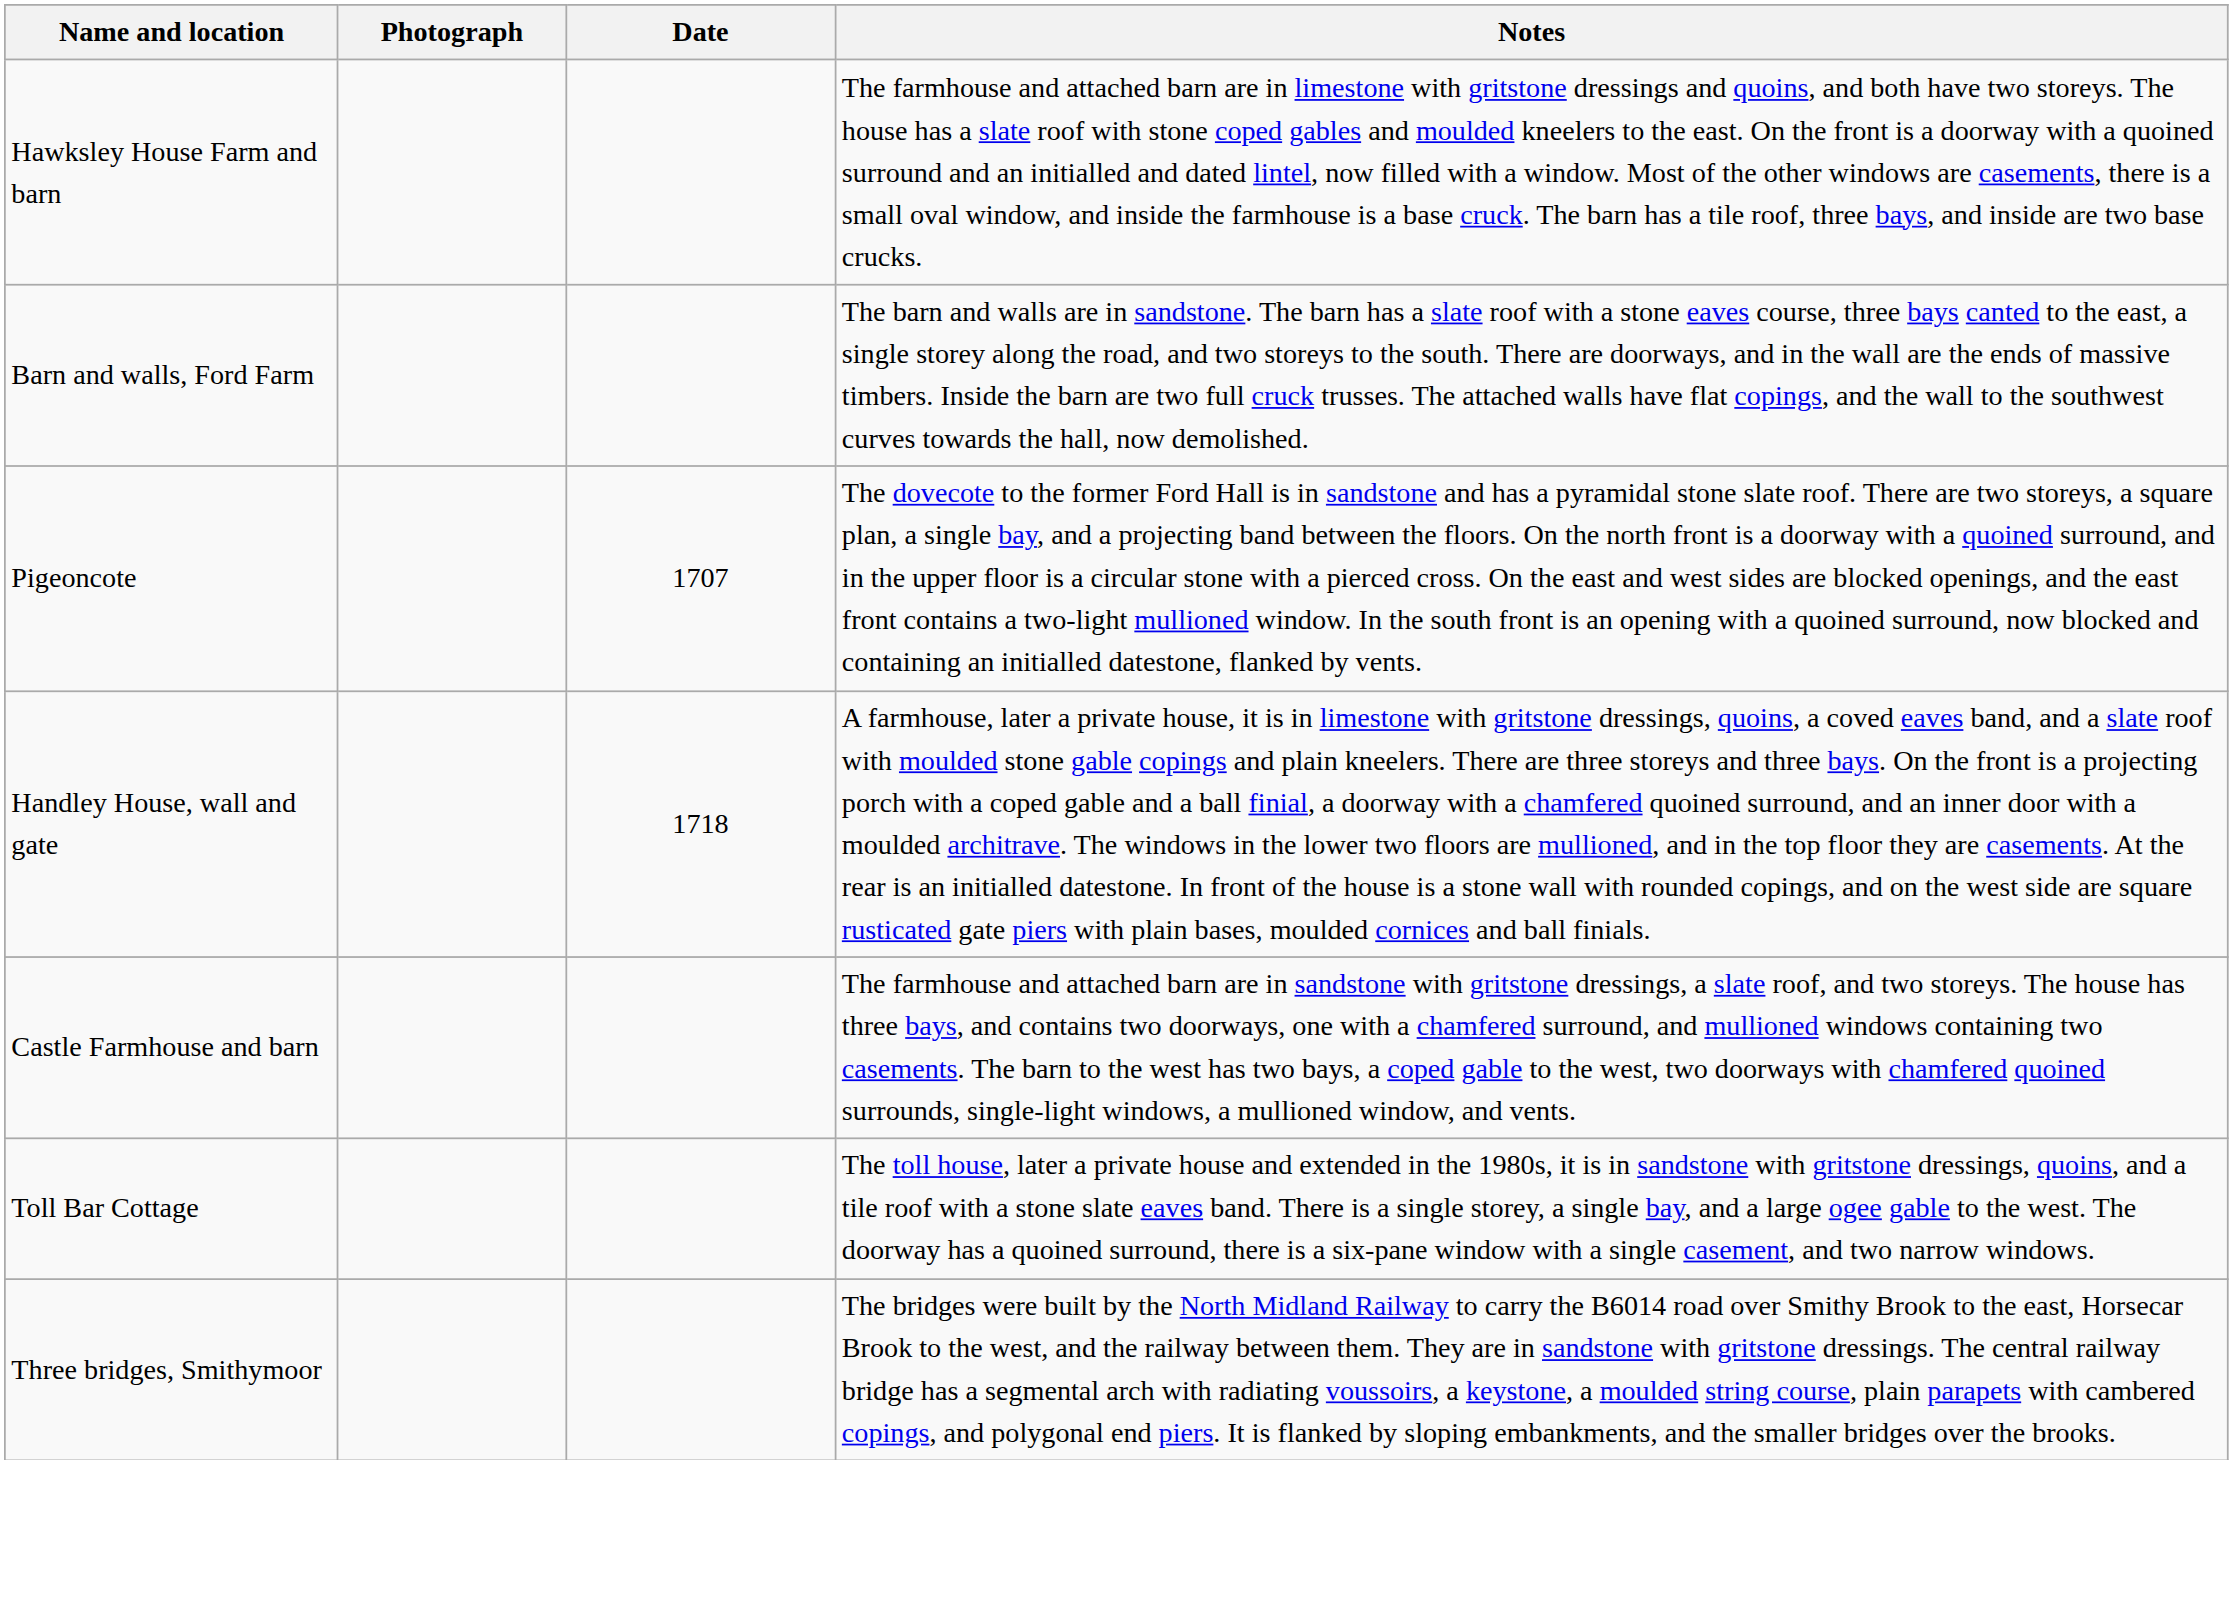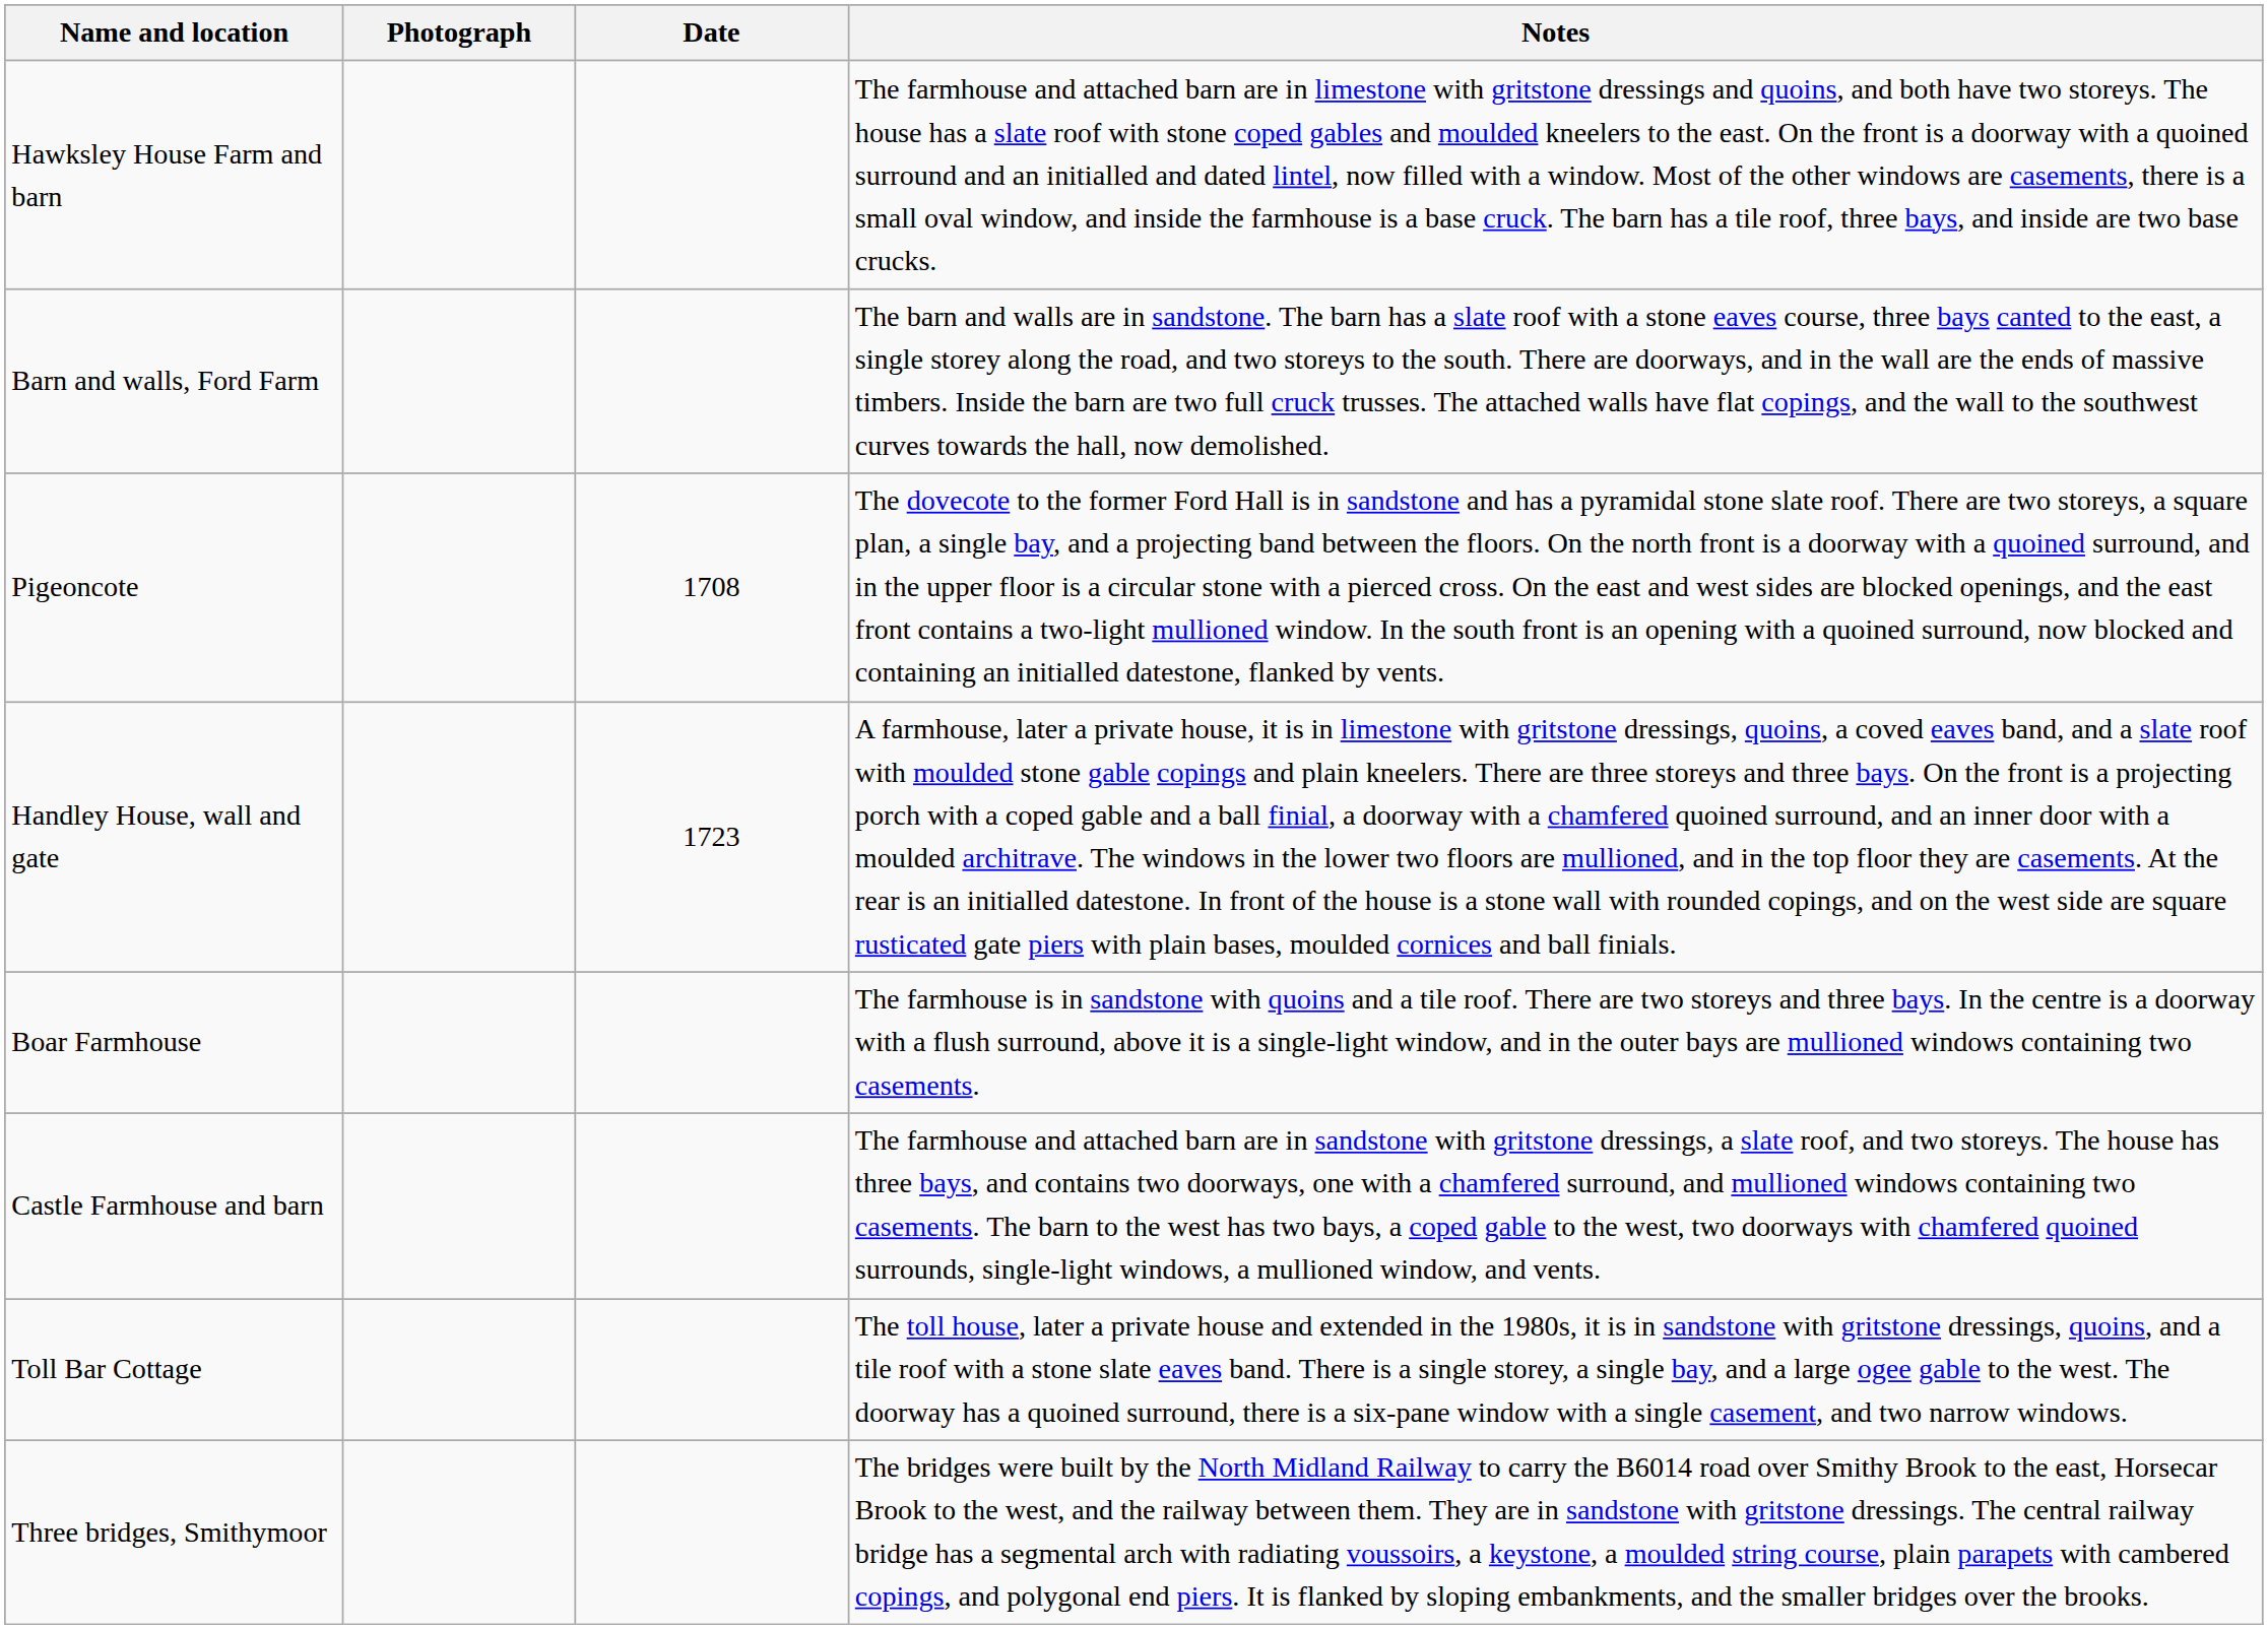 <table class="wikitable sortable plainrowheaders" style="width:100%;border:0px;text-align:left;line-height:150%;">
 <tr>
 <th scope="col"  style="width:150px">Name and location</th>
 <th scope="col"  style="width:100px" class="unsortable">Photograph</th>
 <th scope="col"  style="width:120px">Date</th>
 <th scope="col"  style="width:650px" class="unsortable">Notes</th>
 </tr>
 <tr>
 <td>Hawksley House Farm and barn<br><small></small></td>
 <td></td>
 <td align="center"></td>
 <td>The farmhouse and attached barn are in <a href='#'>limestone</a> with <a href='#'>gritstone</a> dressings and <a href='#'>quoins</a>, and both have two storeys.  The house has a <a href='#'>slate</a> roof with stone <a href='#'>coped</a> <a href='#'>gables</a> and <a href='#'>moulded</a> kneelers to the east.  On the front is a doorway with a quoined surround and an initialled and dated <a href='#'>lintel</a>, now filled with a window.  Most of the other windows are <a href='#'>casements</a>, there is a small oval window, and inside the farmhouse is a base <a href='#'>cruck</a>.  The barn has a tile roof, three <a href='#'>bays</a>, and inside are two base crucks.</td>
 </tr>
 <tr>
 <td>Barn and walls, Ford Farm<br><small></small></td>
 <td></td>
 <td align="center"></td>
 <td>The barn and walls are in <a href='#'>sandstone</a>.  The barn has a <a href='#'>slate</a> roof with a stone <a href='#'>eaves</a> course, three <a href='#'>bays</a> <a href='#'>canted</a> to the east, a single storey along the road, and two storeys to the south.  There are doorways, and in the wall are the ends of massive timbers.  Inside the barn are two full <a href='#'>cruck</a> trusses.  The attached walls have flat <a href='#'>copings</a>, and the wall to the southwest curves towards the hall, now demolished.</td>
 </tr>
 <tr>
 <td>Pigeoncote<br><small></small></td>
 <td></td>
-<td align="center">1707</td>
+<td align="center">1708</td>
 <td>The <a href='#'>dovecote</a> to the former Ford Hall is in <a href='#'>sandstone</a> and has a pyramidal stone slate roof.  There are two storeys, a square plan, a single <a href='#'>bay</a>, and a projecting band between the floors.  On the north front is a doorway with a <a href='#'>quoined</a> surround, and in the upper floor is a circular stone with a pierced cross.  On the east and west sides are blocked openings, and the east front contains a two-light <a href='#'>mullioned</a> window.  In the south front is an opening with a quoined surround, now blocked and containing an initialled datestone, flanked by vents.</td>
 </tr>
 <tr>
 <td>Handley House, wall and gate<br><small></small></td>
 <td></td>
-<td align="center">1718</td>
+<td align="center">1723</td>
 <td>A farmhouse, later a private house, it is in <a href='#'>limestone</a> with <a href='#'>gritstone</a> dressings, <a href='#'>quoins</a>, a coved <a href='#'>eaves</a> band, and a <a href='#'>slate</a> roof with <a href='#'>moulded</a> stone <a href='#'>gable</a> <a href='#'>copings</a> and plain kneelers.  There are three storeys and three <a href='#'>bays</a>.  On the front is a projecting porch with a coped gable and a ball <a href='#'>finial</a>, a doorway with a <a href='#'>chamfered</a> quoined surround, and an inner door with a moulded <a href='#'>architrave</a>.  The windows in the lower two floors are <a href='#'>mullioned</a>, and in the top floor they are <a href='#'>casements</a>.  At the rear is an initialled datestone.  In front of the house is a stone wall with rounded copings, and on the west side are square <a href='#'>rusticated</a> gate <a href='#'>piers</a> with plain bases, moulded <a href='#'>cornices</a> and ball finials.</td>
+</tr>
+<tr>
+<td>Boar Farmhouse<br><small></small></td>
+<td></td>
+<td align="center"></td>
+<td>The farmhouse is in <a href='#'>sandstone</a> with <a href='#'>quoins</a> and a tile roof.  There are two storeys and three <a href='#'>bays</a>.  In the centre is a doorway with a flush surround, above it is a single-light window, and in the outer bays are <a href='#'>mullioned</a> windows containing two <a href='#'>casements</a>.</td>
 </tr>
 <tr>
 <td>Castle Farmhouse and barn<br><small></small></td>
 <td></td>
 <td align="center"></td>
 <td>The farmhouse and attached barn are in <a href='#'>sandstone</a> with <a href='#'>gritstone</a> dressings, a <a href='#'>slate</a> roof, and two storeys.  The house has three <a href='#'>bays</a>, and contains two doorways, one with a <a href='#'>chamfered</a> surround, and <a href='#'>mullioned</a> windows containing two <a href='#'>casements</a>.  The barn to the west has two bays, a <a href='#'>coped</a> <a href='#'>gable</a> to the west, two doorways with <a href='#'>chamfered</a> <a href='#'>quoined</a> surrounds, single-light windows, a mullioned window, and vents.</td>
 </tr>
 <tr>
 <td>Toll Bar Cottage<br><small></small></td>
 <td></td>
 <td align="center"></td>
 <td>The <a href='#'>toll house</a>, later a private house and extended in the 1980s, it is in <a href='#'>sandstone</a> with <a href='#'>gritstone</a> dressings, <a href='#'>quoins</a>, and a tile roof with a stone slate <a href='#'>eaves</a> band.  There is a single storey, a single <a href='#'>bay</a>, and a large <a href='#'>ogee</a> <a href='#'>gable</a> to the west.  The doorway has a quoined surround, there is a six-pane window with a single <a href='#'>casement</a>, and two narrow windows.</td>
 </tr>
 <tr>
 <td>Three bridges, Smithymoor<br><small></small></td>
 <td></td>
 <td align="center"></td>
 <td>The bridges were built by the <a href='#'>North Midland Railway</a> to carry the B6014 road over Smithy Brook to the east, Horsecar Brook to the west, and the railway between them.  They are in <a href='#'>sandstone</a> with <a href='#'>gritstone</a> dressings.  The central railway bridge has a segmental arch with radiating <a href='#'>voussoirs</a>, a <a href='#'>keystone</a>, a <a href='#'>moulded</a> <a href='#'>string course</a>, plain <a href='#'>parapets</a> with cambered <a href='#'>copings</a>, and polygonal end <a href='#'>piers</a>.  It is flanked by sloping embankments, and the smaller bridges over the brooks.</td>
 </tr>
 <tr>
 </tr>
 </table>
